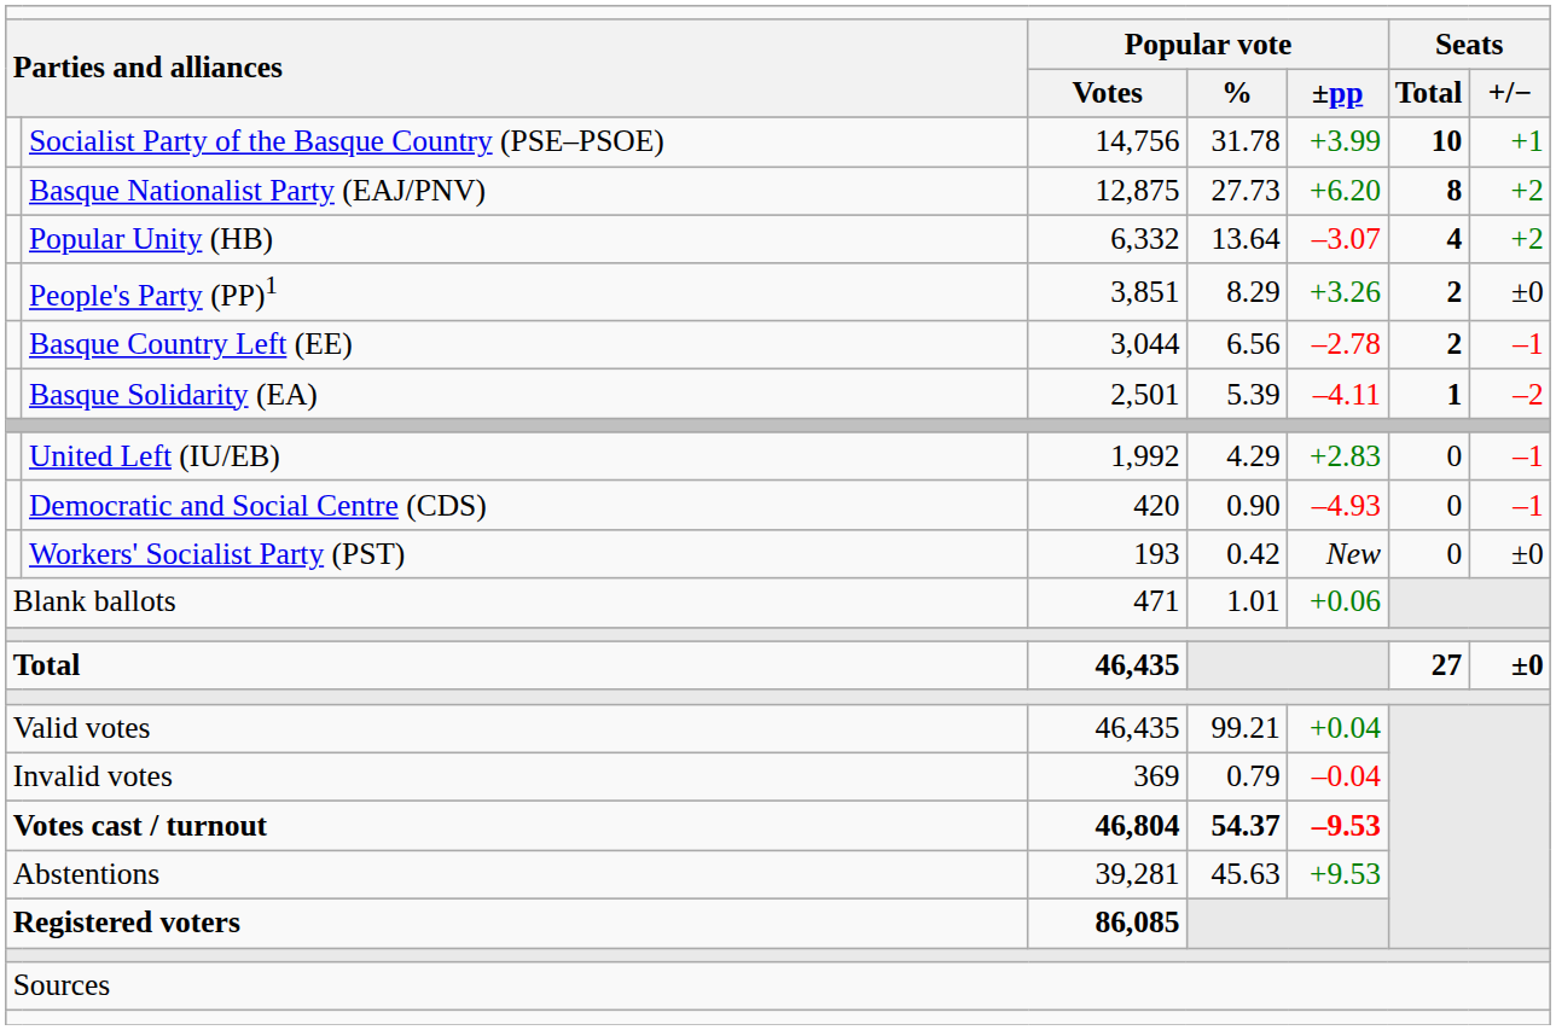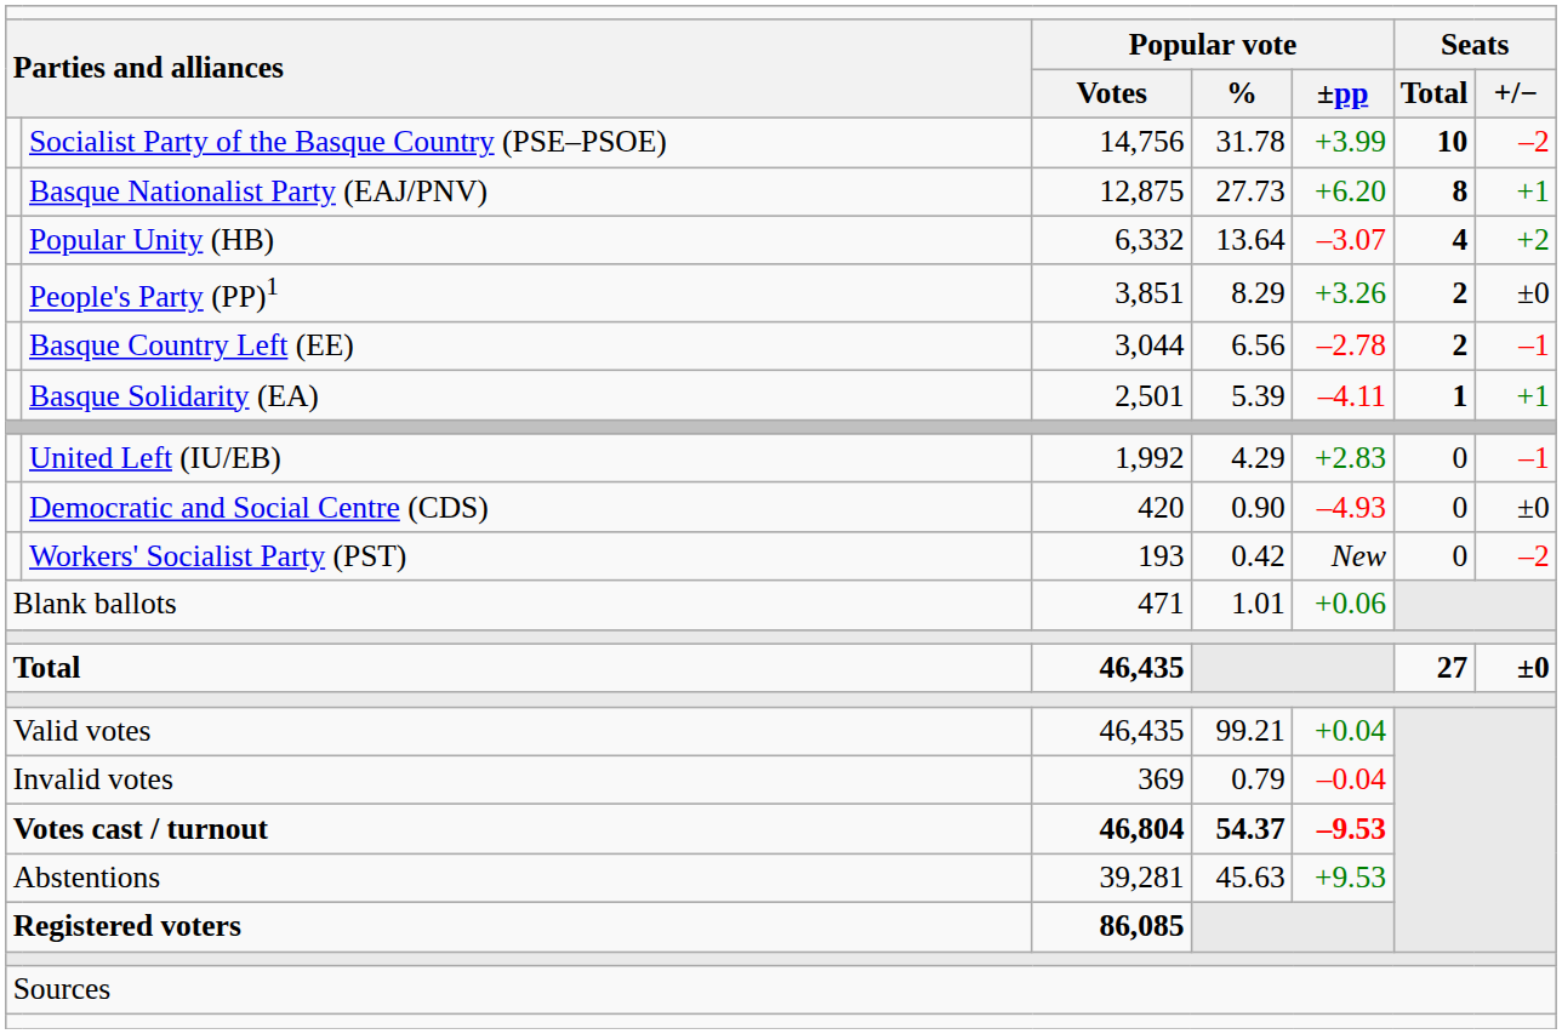 <table class="wikitable" style="text-align:right;">
 <tr>
 <td colspan="7"></td>
 </tr>
 <tr>
 <th style="text-align:left;" rowspan="2" colspan="2" width="525">Parties and alliances</th>
 <th colspan="3">Popular vote</th>
 <th colspan="2">Seats</th>
 </tr>
 <tr>
 <th width="75">Votes</th>
 <th width="45">%</th>
 <th width="45">±<a href='#'>pp</a></th>
 <th width="35">Total</th>
 <th width="35">+/−</th>
 </tr>
 <tr>
 <td width="1" style="color:inherit;background:"></td>
 <td align="left"><a href='#'>Socialist Party of the Basque Country</a> (PSE–PSOE)</td>
 <td>14,756</td>
 <td>31.78</td>
 <td style="color:green;">+3.99</td>
 <td><strong>10</strong></td>
-<td style="color:green;">+1</td>
+<td style="color:red;">–2</td>
 </tr>
 <tr>
 <td style="color:inherit;background:"></td>
 <td align="left"><a href='#'>Basque Nationalist Party</a> (EAJ/PNV)</td>
 <td>12,875</td>
 <td>27.73</td>
 <td style="color:green;">+6.20</td>
 <td><strong>8</strong></td>
-<td style="color:green;">+2</td>
+<td style="color:green;">+1</td>
 </tr>
 <tr>
 <td style="color:inherit;background:"></td>
 <td align="left"><a href='#'>Popular Unity</a> (HB)</td>
 <td>6,332</td>
 <td>13.64</td>
 <td style="color:red;">–3.07</td>
 <td><strong>4</strong></td>
 <td style="color:green;">+2</td>
 </tr>
 <tr>
 <td style="color:inherit;background:"></td>
 <td align="left"><a href='#'>People's Party</a> (PP)<sup>1</sup></td>
 <td>3,851</td>
 <td>8.29</td>
 <td style="color:green;">+3.26</td>
 <td><strong>2</strong></td>
 <td>±0</td>
 </tr>
 <tr>
 <td style="color:inherit;background:"></td>
 <td align="left"><a href='#'>Basque Country Left</a> (EE)</td>
 <td>3,044</td>
 <td>6.56</td>
 <td style="color:red;">–2.78</td>
 <td><strong>2</strong></td>
 <td style="color:red;">–1</td>
 </tr>
 <tr>
 <td style="color:inherit;background:"></td>
 <td align="left"><a href='#'>Basque Solidarity</a> (EA)</td>
 <td>2,501</td>
 <td>5.39</td>
 <td style="color:red;">–4.11</td>
 <td><strong>1</strong></td>
-<td style="color:red;">–2</td>
+<td style="color:green;">+1</td>
 </tr>
 <tr>
 <td colspan="7" bgcolor="#C0C0C0"></td>
 </tr>
 <tr>
 <td style="color:inherit;background:"></td>
 <td align="left"><a href='#'>United Left</a> (IU/EB)</td>
 <td>1,992</td>
 <td>4.29</td>
 <td style="color:green;">+2.83</td>
 <td>0</td>
 <td style="color:red;">–1</td>
 </tr>
 <tr>
 <td style="color:inherit;background:"></td>
 <td align="left"><a href='#'>Democratic and Social Centre</a> (CDS)</td>
 <td>420</td>
 <td>0.90</td>
 <td style="color:red;">–4.93</td>
 <td>0</td>
-<td style="color:red;">–1</td>
+<td>±0</td>
 </tr>
 <tr>
 <td style="color:inherit;background:"></td>
 <td align="left"><a href='#'>Workers' Socialist Party</a> (PST)</td>
 <td>193</td>
 <td>0.42</td>
 <td><em>New</em></td>
 <td>0</td>
-<td>±0</td>
+<td style="color:red;">–2</td>
 </tr>
 <tr>
 <td align="left" colspan="2">Blank ballots</td>
 <td>471</td>
 <td>1.01</td>
 <td style="color:green;">+0.06</td>
 <td bgcolor="#E9E9E9" colspan="2"></td>
 </tr>
 <tr>
 <td colspan="7" bgcolor="#E9E9E9"></td>
 </tr>
 <tr style="font-weight:bold;">
 <td align="left" colspan="2">Total</td>
 <td>46,435</td>
 <td bgcolor="#E9E9E9" colspan="2"></td>
 <td>27</td>
 <td>±0</td>
 </tr>
 <tr>
 <td colspan="7" bgcolor="#E9E9E9"></td>
 </tr>
 <tr>
 <td align="left" colspan="2">Valid votes</td>
 <td>46,435</td>
 <td>99.21</td>
 <td style="color:green;">+0.04</td>
 <td bgcolor="#E9E9E9" colspan="2" rowspan="5"></td>
 </tr>
 <tr>
 <td align="left" colspan="2">Invalid votes</td>
 <td>369</td>
 <td>0.79</td>
 <td style="color:red;">–0.04</td>
 </tr>
 <tr style="font-weight:bold;">
 <td align="left" colspan="2">Votes cast / turnout</td>
 <td>46,804</td>
 <td>54.37</td>
 <td style="color:red;">–9.53</td>
 </tr>
 <tr>
 <td align="left" colspan="2">Abstentions</td>
 <td>39,281</td>
 <td>45.63</td>
 <td style="color:green;">+9.53</td>
 </tr>
 <tr style="font-weight:bold;">
 <td align="left" colspan="2">Registered voters</td>
 <td>86,085</td>
 <td bgcolor="#E9E9E9" colspan="2"></td>
 </tr>
 <tr>
 <td colspan="7" bgcolor="#E9E9E9"></td>
 </tr>
 <tr>
 <td align="left" colspan="7">Sources</td>
 </tr>
 <tr>
 <td colspan="7" style="text-align:left; max-width:790px;"></td>
 </tr>
 </table>
